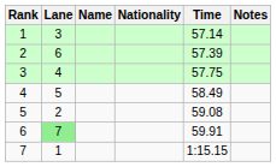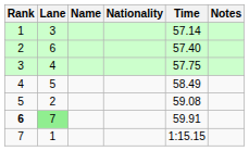 <table class="wikitable sortable" style="text-align:center">
 <tr>
 <th>Rank</th>
 <th>Lane</th>
 <th>Name</th>
 <th>Nationality</th>
 <th>Time</th>
 <th>Notes</th>
 </tr>
 <tr bgcolor=ccffcc>
 <td>1</td>
 <td>3</td>
 <td align=left></td>
 <td align=left></td>
 <td>57.14</td>
 <td><strong></strong></td>
 </tr>
 <tr bgcolor=ccffcc>
 <td>2</td>
 <td>6</td>
 <td align=left></td>
 <td align=left></td>
-<td>57.39</td>
+<td>57.40</td>
 <td><strong></strong></td>
 </tr>
 <tr bgcolor=ccffcc>
 <td>3</td>
 <td>4</td>
 <td align=left></td>
 <td align=left></td>
 <td>57.75</td>
 <td><strong></strong></td>
 </tr>
 <tr>
 <td>4</td>
 <td>5</td>
 <td align=left></td>
 <td align=left></td>
 <td>58.49</td>
 <td></td>
 </tr>
 <tr>
 <td>5</td>
 <td>2</td>
 <td align=left></td>
 <td align=left></td>
 <td>59.08</td>
 <td></td>
 </tr>
 <tr>
-<td>6</td>
+<td><strong>6</strong></td>
 <td style="background: lightgreen;">7</td>
 <td align=left></td>
 <td align=left></td>
 <td>59.91</td>
 <td></td>
 </tr>
 <tr>
 <td>7</td>
 <td>1</td>
 <td align=left></td>
 <td align=left></td>
 <td>1:15.15</td>
 <td></td>
 </tr>
 </table>
